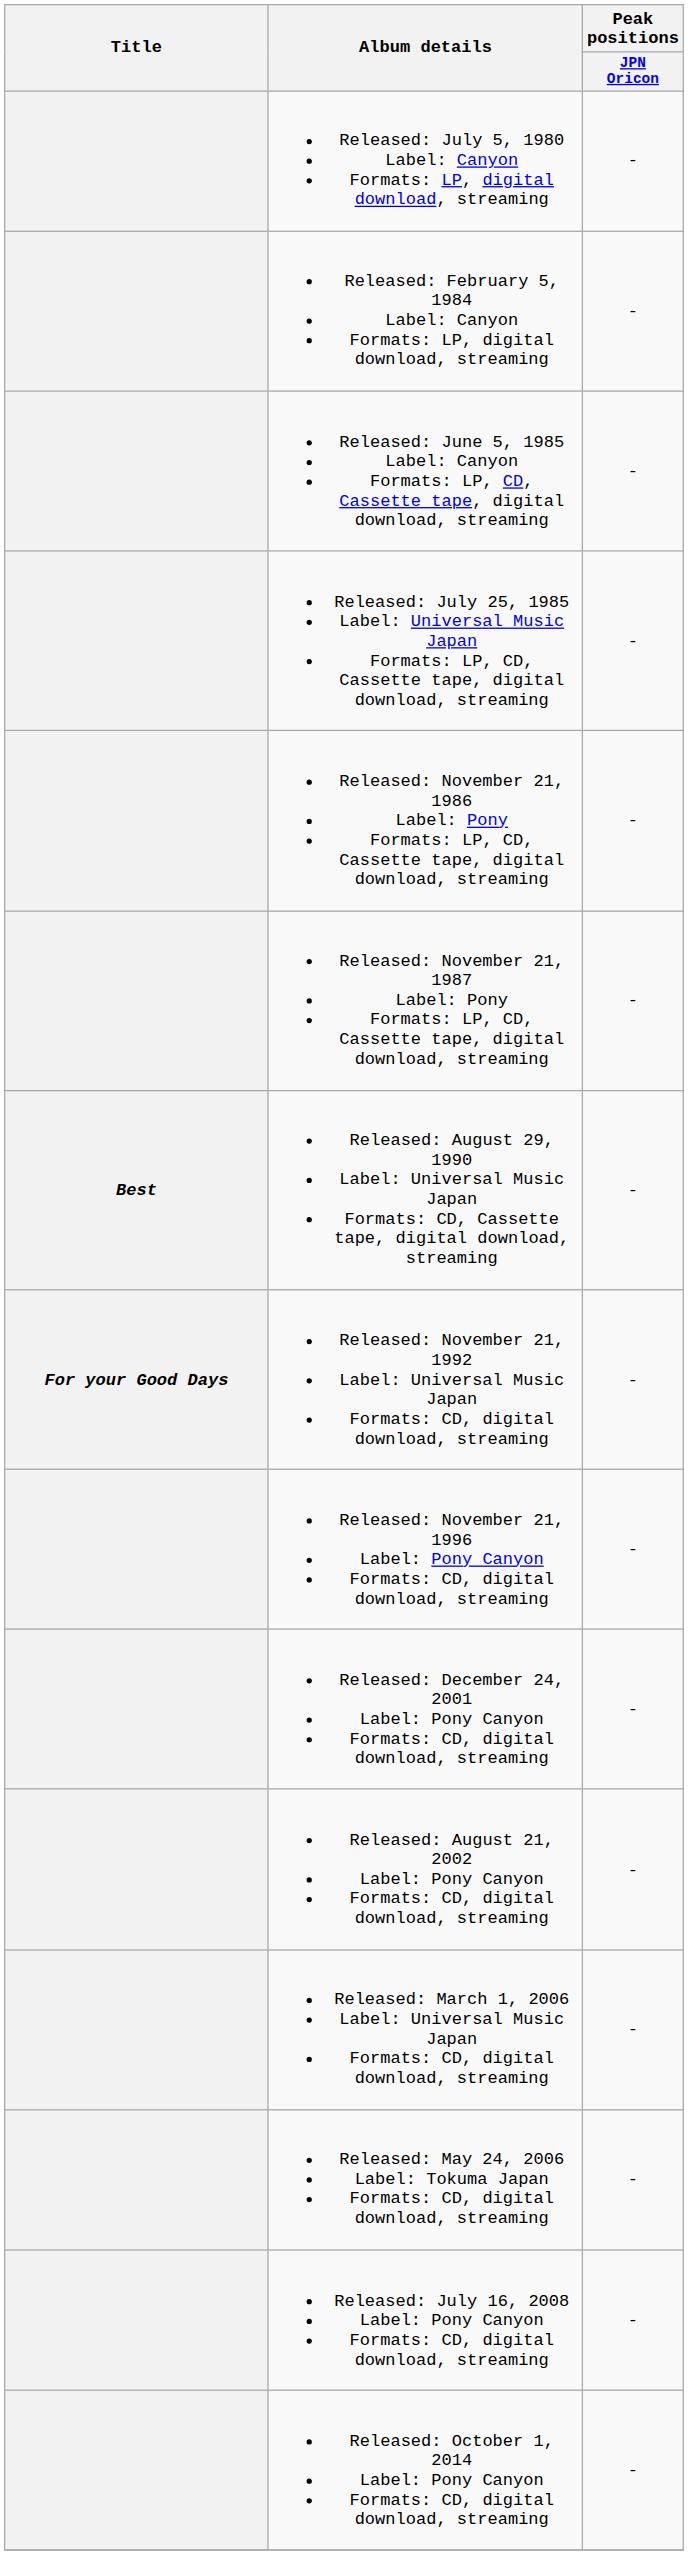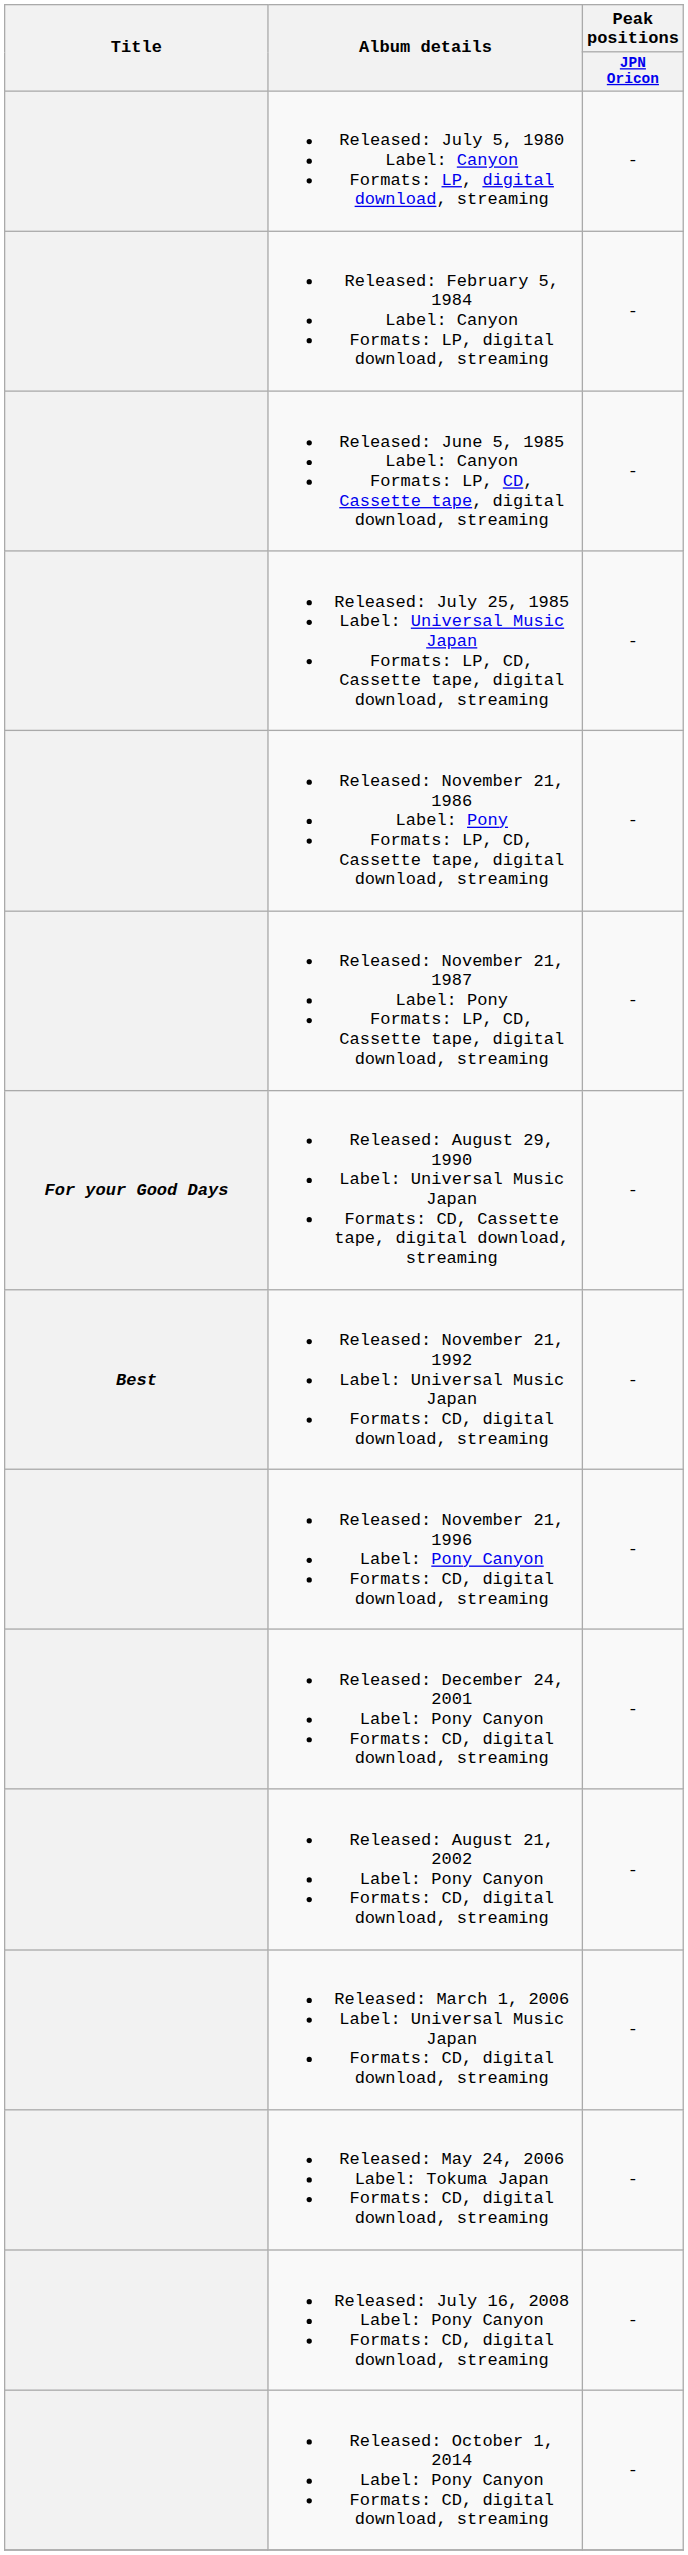 <table class="wikitable plainrowheaders" style="text-align:center;">
 <tr>
 <th style="width:15em;" rowspan="2">Title</th>
 <th style="width:18em;" rowspan="2">Album details</th>
 <th colspan="1">Peak positions</th>
 </tr>
 <tr>
 <th style="width:3em;font-size:85%"><a href='#'>JPN<br>Oricon</a><br></th>
 </tr>
 <tr>
 <th scope="row"></th>
 <td><br><ul><li>Released: July 5, 1980</li><li>Label: <a href='#'>Canyon</a></li><li>Formats: <a href='#'>LP</a>, <a href='#'>digital download</a>, streaming</li></ul></td>
 <td>-</td>
 </tr>
 <tr>
 <th scope="row"></th>
 <td><br><ul><li>Released: February 5, 1984</li><li>Label: Canyon</li><li>Formats: LP, digital download, streaming</li></ul></td>
 <td>-</td>
 </tr>
 <tr>
 <th scope="row"></th>
 <td><br><ul><li>Released: June 5, 1985</li><li>Label: Canyon</li><li>Formats: LP, <a href='#'>CD</a>, <a href='#'>Cassette tape</a>, digital download, streaming</li></ul></td>
 <td>-</td>
 </tr>
 <tr>
 <th scope="row"></th>
 <td><br><ul><li>Released: July 25, 1985</li><li>Label: <a href='#'>Universal Music Japan</a></li><li>Formats: LP, CD, Cassette tape, digital download, streaming</li></ul></td>
 <td>-</td>
 </tr>
 <tr>
 <th scope="row"></th>
 <td><br><ul><li>Released: November 21, 1986</li><li>Label: <a href='#'>Pony</a></li><li>Formats: LP, CD, Cassette tape, digital download, streaming</li></ul></td>
 <td>-</td>
 </tr>
 <tr>
 <th scope="row"></th>
 <td><br><ul><li>Released: November 21, 1987</li><li>Label: Pony</li><li>Formats: LP, CD, Cassette tape, digital download, streaming</li></ul></td>
 <td>-</td>
 </tr>
 <tr>
-<th scope="row"><em>Best</em></th>
+<th scope="row"><em>For your Good Days</em></th>
 <td><br><ul><li>Released: August 29, 1990</li><li>Label: Universal Music Japan</li><li>Formats: CD, Cassette tape, digital download, streaming</li></ul></td>
 <td>-</td>
 </tr>
 <tr>
-<th scope="row"><em>For your Good Days</em></th>
+<th scope="row"><em>Best</em></th>
 <td><br><ul><li>Released: November 21, 1992</li><li>Label: Universal Music Japan</li><li>Formats: CD, digital download, streaming</li></ul></td>
 <td>-</td>
 </tr>
 <tr>
 <th scope="row"></th>
 <td><br><ul><li>Released: November 21, 1996</li><li>Label: <a href='#'>Pony Canyon</a></li><li>Formats: CD, digital download, streaming</li></ul></td>
 <td>-</td>
 </tr>
 <tr>
 <th scope="row"></th>
 <td><br><ul><li>Released: December 24, 2001</li><li>Label: Pony Canyon</li><li>Formats: CD, digital download, streaming</li></ul></td>
 <td>-</td>
 </tr>
 <tr>
 <th scope="row"></th>
 <td><br><ul><li>Released: August 21, 2002</li><li>Label: Pony Canyon</li><li>Formats: CD, digital download, streaming</li></ul></td>
 <td>-</td>
 </tr>
 <tr>
 <th scope="row"></th>
 <td><br><ul><li>Released: March 1, 2006</li><li>Label: Universal Music Japan</li><li>Formats: CD, digital download, streaming</li></ul></td>
 <td>-</td>
 </tr>
 <tr>
 <th scope="row"></th>
 <td><br><ul><li>Released: May 24, 2006</li><li>Label: Tokuma Japan</li><li>Formats: CD, digital download, streaming</li></ul></td>
 <td>-</td>
 </tr>
 <tr>
 <th scope="row"></th>
 <td><br><ul><li>Released: July 16, 2008</li><li>Label: Pony Canyon</li><li>Formats: CD, digital download, streaming</li></ul></td>
 <td>-</td>
 </tr>
 <tr>
 <th scope="row"></th>
 <td><br><ul><li>Released: October 1, 2014</li><li>Label: Pony Canyon</li><li>Formats: CD, digital download, streaming</li></ul></td>
 <td>-</td>
 </tr>
 <tr>
 </tr>
 </table>
